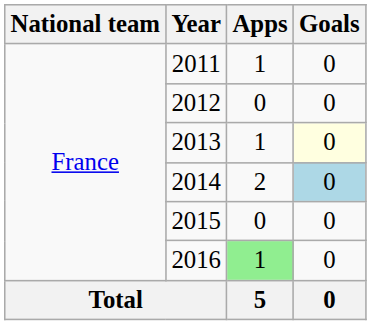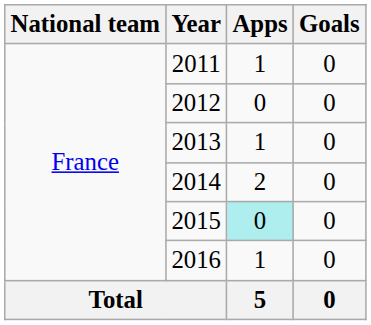 <table class="wikitable" style="text-align:center">
 <tr>
 <th>National team</th>
 <th>Year</th>
 <th>Apps</th>
 <th>Goals</th>
 </tr>
 <tr>
 <td rowspan="6"><a href='#'>France</a></td>
 <td>2011</td>
 <td>1</td>
 <td>0</td>
 </tr>
 <tr>
 <td>2012</td>
 <td>0</td>
 <td>0</td>
 </tr>
 <tr>
 <td>2013</td>
 <td>1</td>
-<td style="background: lightyellow;">0</td>
+<td>0</td>
 </tr>
 <tr>
 <td>2014</td>
 <td>2</td>
-<td style="background: lightblue;">0</td>
+<td>0</td>
 </tr>
 <tr>
 <td>2015</td>
-<td>0</td>
+<td style="background: paleturquoise;">0</td>
 <td>0</td>
 </tr>
 <tr>
 <td>2016</td>
-<td style="background: lightgreen;">1</td>
+<td>1</td>
 <td>0</td>
 </tr>
 <tr>
 <th colspan="2">Total</th>
 <th>5</th>
 <th>0</th>
 </tr>
 </table>
